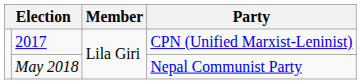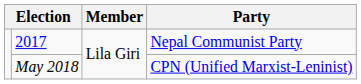 <table class="wikitable">
 <tr>
 <th colspan="2">Election</th>
 <th>Member</th>
 <th>Party</th>
 </tr>
 <tr>
 <td rowspan="2" style="background-color:"></td>
 <td><a href='#'>2017</a></td>
 <td rowspan="2">Lila Giri</td>
-<td><a href='#'>CPN (Unified Marxist-Leninist)</a></td>
+<td><a href='#'>Nepal Communist Party</a></td>
 </tr>
 <tr>
 <td><em>May 2018</em></td>
-<td><a href='#'>Nepal Communist Party</a></td>
+<td><a href='#'>CPN (Unified Marxist-Leninist)</a></td>
 </tr>
 </table>
